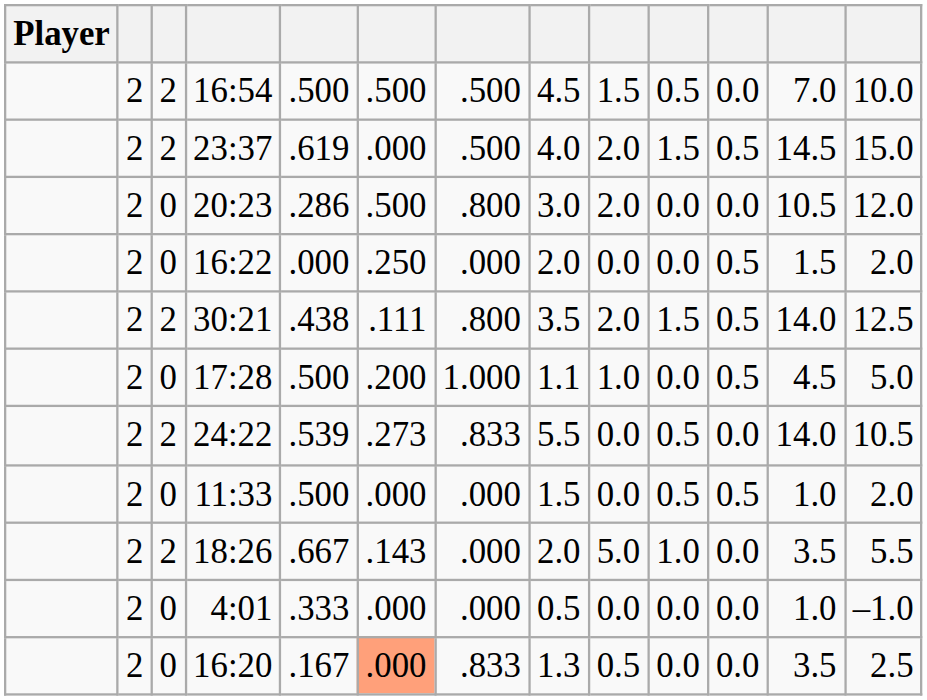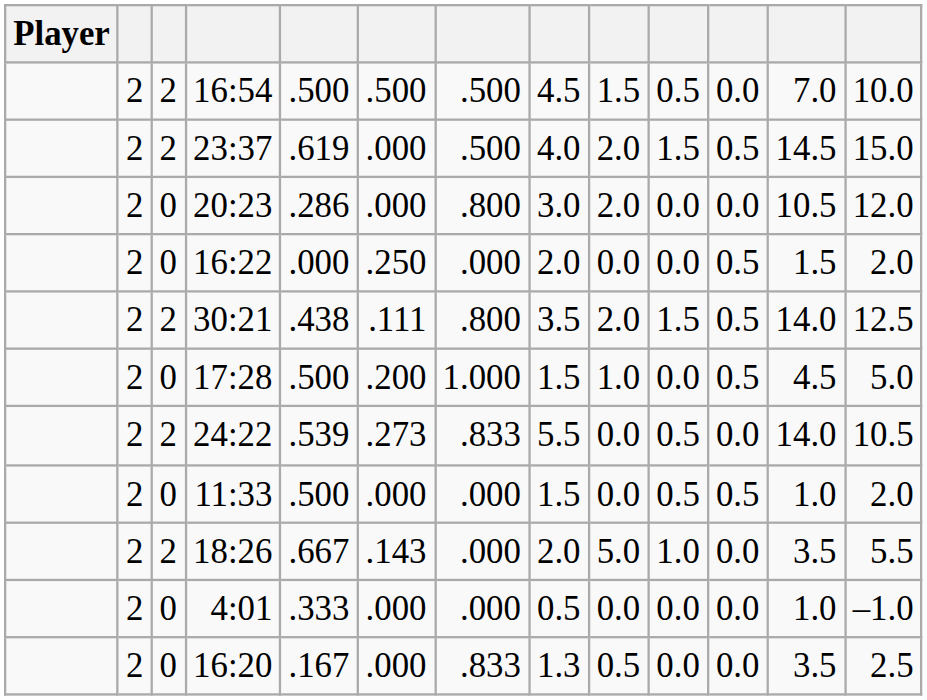 <table class="wikitable sortable" style="font-size:95%; text-align:right;">
 <tr>
 <th>Player</th>
 <th></th>
 <th></th>
 <th></th>
 <th></th>
 <th></th>
 <th></th>
 <th></th>
 <th></th>
 <th></th>
 <th></th>
 <th></th>
 <th></th>
 </tr>
 <tr>
 <td></td>
 <td>2</td>
 <td>2</td>
 <td>16:54</td>
 <td>.500</td>
 <td>.500</td>
 <td>.500</td>
 <td>4.5</td>
 <td>1.5</td>
 <td>0.5</td>
 <td>0.0</td>
 <td>7.0</td>
 <td>10.0</td>
 </tr>
 <tr>
 <td></td>
 <td>2</td>
 <td>2</td>
 <td>23:37</td>
 <td>.619</td>
 <td>.000</td>
 <td>.500</td>
 <td>4.0</td>
 <td>2.0</td>
 <td>1.5</td>
 <td>0.5</td>
 <td>14.5</td>
 <td>15.0</td>
 </tr>
 <tr>
 <td></td>
 <td>2</td>
 <td>0</td>
 <td>20:23</td>
 <td>.286</td>
-<td>.500</td>
+<td>.000</td>
 <td>.800</td>
 <td>3.0</td>
 <td>2.0</td>
 <td>0.0</td>
 <td>0.0</td>
 <td>10.5</td>
 <td>12.0</td>
 </tr>
 <tr>
 <td></td>
 <td>2</td>
 <td>0</td>
 <td>16:22</td>
 <td>.000</td>
 <td>.250</td>
 <td>.000</td>
 <td>2.0</td>
 <td>0.0</td>
 <td>0.0</td>
 <td>0.5</td>
 <td>1.5</td>
 <td>2.0</td>
 </tr>
 <tr>
 <td></td>
 <td>2</td>
 <td>2</td>
 <td>30:21</td>
 <td>.438</td>
 <td>.111</td>
 <td>.800</td>
 <td>3.5</td>
 <td>2.0</td>
 <td>1.5</td>
 <td>0.5</td>
 <td>14.0</td>
 <td>12.5</td>
 </tr>
 <tr>
 <td></td>
 <td>2</td>
 <td>0</td>
 <td>17:28</td>
 <td>.500</td>
 <td>.200</td>
 <td>1.000</td>
-<td>1.1</td>
+<td>1.5</td>
 <td>1.0</td>
 <td>0.0</td>
 <td>0.5</td>
 <td>4.5</td>
 <td>5.0</td>
 </tr>
 <tr>
 <td></td>
 <td>2</td>
 <td>2</td>
 <td>24:22</td>
 <td>.539</td>
 <td>.273</td>
 <td>.833</td>
 <td>5.5</td>
 <td>0.0</td>
 <td>0.5</td>
 <td>0.0</td>
 <td>14.0</td>
 <td>10.5</td>
 </tr>
 <tr>
 <td></td>
 <td>2</td>
 <td>0</td>
 <td>11:33</td>
 <td>.500</td>
 <td>.000</td>
 <td>.000</td>
 <td>1.5</td>
 <td>0.0</td>
 <td>0.5</td>
 <td>0.5</td>
 <td>1.0</td>
 <td>2.0</td>
 </tr>
 <tr>
 <td></td>
 <td>2</td>
 <td>2</td>
 <td>18:26</td>
 <td>.667</td>
 <td>.143</td>
 <td>.000</td>
 <td>2.0</td>
 <td>5.0</td>
 <td>1.0</td>
 <td>0.0</td>
 <td>3.5</td>
 <td>5.5</td>
 </tr>
 <tr>
 <td></td>
 <td>2</td>
 <td>0</td>
 <td>4:01</td>
 <td>.333</td>
 <td>.000</td>
 <td>.000</td>
 <td>0.5</td>
 <td>0.0</td>
 <td>0.0</td>
 <td>0.0</td>
 <td>1.0</td>
 <td>–1.0</td>
 </tr>
 <tr>
 <td></td>
 <td>2</td>
 <td>0</td>
 <td>16:20</td>
 <td>.167</td>
-<td style="background: lightsalmon;">.000</td>
+<td>.000</td>
 <td>.833</td>
 <td>1.3</td>
 <td>0.5</td>
 <td>0.0</td>
 <td>0.0</td>
 <td>3.5</td>
 <td>2.5</td>
 </tr>
 </table>
